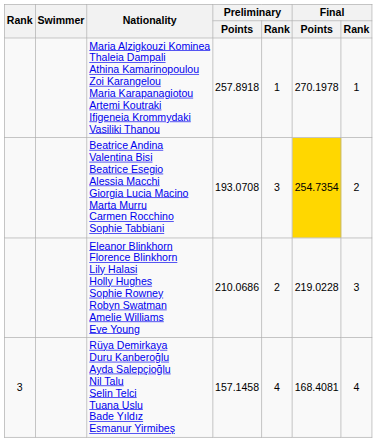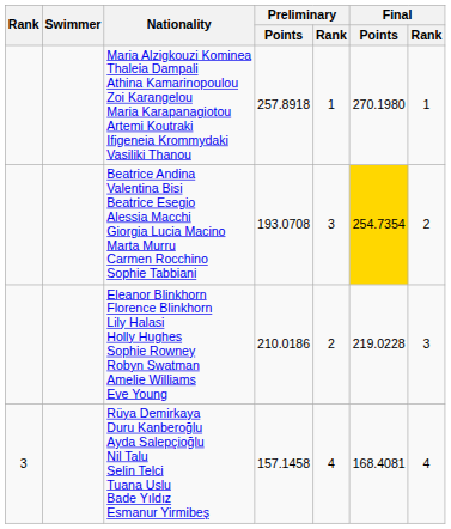 <table class="wikitable sortable" style="text-align:center">
 <tr>
 <th rowspan=2>Rank</th>
 <th rowspan=2>Swimmer</th>
 <th rowspan=2>Nationality</th>
 <th colspan=2>Preliminary</th>
 <th colspan=2>Final</th>
 </tr>
 <tr>
 <th>Points</th>
 <th>Rank</th>
 <th>Points</th>
 <th>Rank</th>
 </tr>
 <tr>
 <td></td>
 <td align=left></td>
 <td align=left><a href='#'>Maria Alzigkouzi Kominea</a><br><a href='#'>Thaleia Dampali</a><br><a href='#'>Athina Kamarinopoulou</a><br><a href='#'>Zoi Karangelou</a><br><a href='#'>Maria Karapanagiotou</a><br><a href='#'>Artemi Koutraki</a><br><a href='#'>Ifigeneia Krommydaki</a><br><a href='#'>Vasiliki Thanou</a></td>
 <td>257.8918</td>
 <td>1</td>
-<td>270.1978</td>
+<td>270.1980</td>
 <td>1</td>
 </tr>
 <tr>
 <td></td>
 <td align=left></td>
 <td align=left><a href='#'>Beatrice Andina</a><br><a href='#'>Valentina Bisi</a><br><a href='#'>Beatrice Esegio</a><br><a href='#'>Alessia Macchi</a><br><a href='#'>Giorgia Lucia Macino</a><br><a href='#'>Marta Murru</a><br><a href='#'>Carmen Rocchino</a><br><a href='#'>Sophie Tabbiani</a></td>
 <td>193.0708</td>
 <td>3</td>
 <td style="background: gold;">254.7354</td>
 <td>2</td>
 </tr>
 <tr>
 <td></td>
 <td align=left></td>
 <td align=left><a href='#'>Eleanor  Blinkhorn</a><br><a href='#'>Florence Blinkhorn</a><br><a href='#'>Lily Halasi</a><br><a href='#'>Holly Hughes</a><br><a href='#'>Sophie Rowney</a><br><a href='#'>Robyn Swatman</a><br><a href='#'>Amelie Williams</a><br><a href='#'>Eve Young</a></td>
-<td>210.0686</td>
+<td>210.0186</td>
 <td>2</td>
 <td>219.0228</td>
 <td>3</td>
 </tr>
 <tr>
 <td>3</td>
 <td align=left></td>
 <td align=left><a href='#'>Rüya Demirkaya</a><br><a href='#'>Duru Kanberoğlu</a><br><a href='#'>Ayda Salepçioğlu</a><br><a href='#'>Nil Talu</a><br><a href='#'>Selin Telci</a><br><a href='#'>Tuana Uslu</a><br><a href='#'>Bade Yıldız</a><br><a href='#'>Esmanur Yirmibeş</a></td>
 <td>157.1458</td>
 <td>4</td>
 <td>168.4081</td>
 <td>4</td>
 </tr>
 </table>
